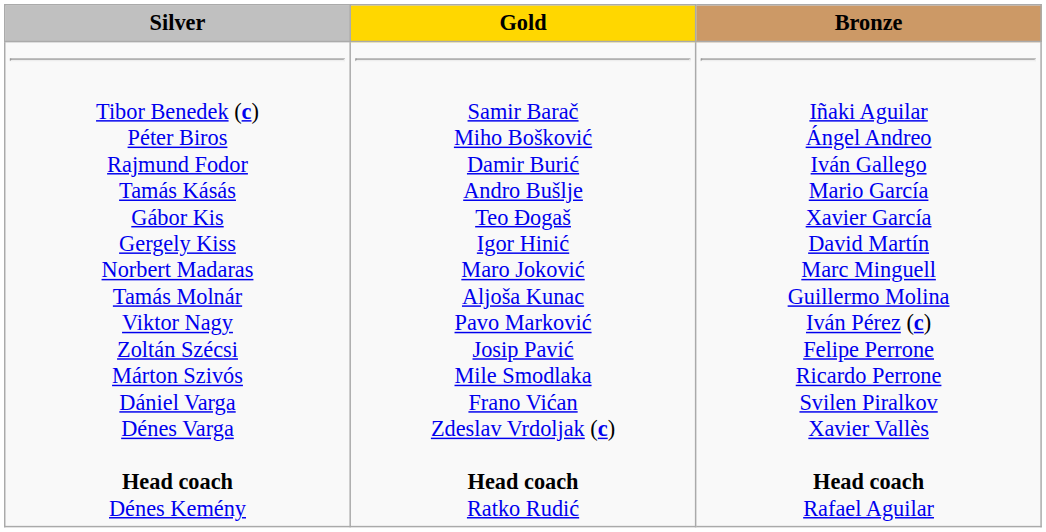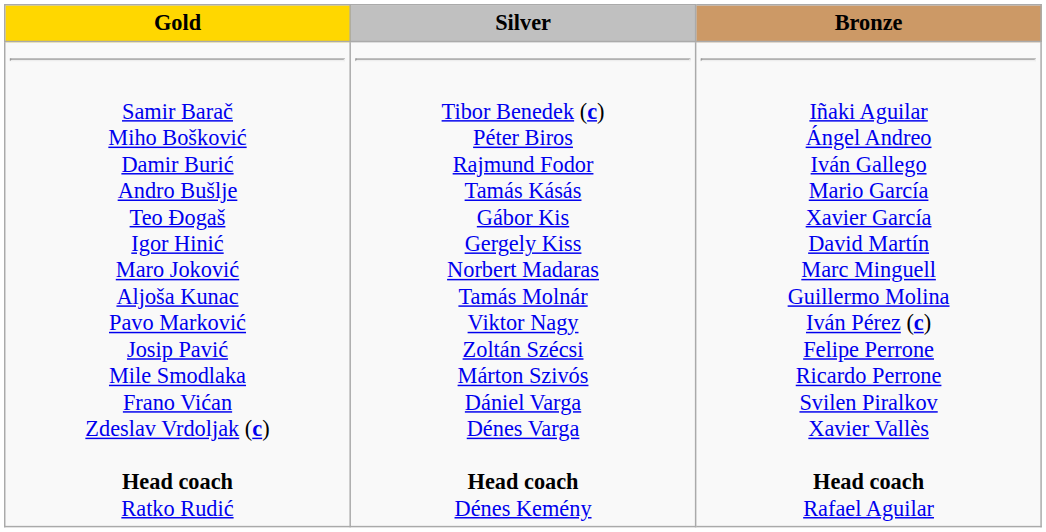 <table class="wikitable" style="font-size:95%;">
 <tr>
+<th style="text-align:center; width:15em; background-color:gold;">Gold</th>
 <th style="text-align:center; width:15em; background-color:silver;">Silver</th>
-<th style="text-align:center; width:15em; background-color:gold;">Gold</th>
 <th style="text-align:center; width:15em; background-color:#CC9966;">Bronze</th>
 </tr>
 <tr>
+<td style="text-align:center; vertical-align:top;"><strong></strong> <hr><br><a href='#'>Samir Barač</a><br> <a href='#'>Miho Bošković</a><br> <a href='#'>Damir Burić</a><br> <a href='#'>Andro Bušlje</a><br> <a href='#'>Teo Đogaš</a><br> <a href='#'>Igor Hinić</a><br> <a href='#'>Maro Joković</a><br> <a href='#'>Aljoša Kunac</a><br> <a href='#'>Pavo Marković</a><br> <a href='#'>Josip Pavić</a><br> <a href='#'>Mile Smodlaka</a><br> <a href='#'>Frano Vićan</a><br> <a href='#'>Zdeslav Vrdoljak</a> (<a href='#'><strong>c</strong></a>)<br> <br><strong>Head coach</strong><br><a href='#'>Ratko Rudić</a></td>
 <td style="text-align:center; vertical-align:top;"><strong></strong><hr><br><a href='#'>Tibor Benedek</a> (<a href='#'><strong>c</strong></a>)<br> <a href='#'>Péter Biros</a><br> <a href='#'>Rajmund Fodor</a><br> <a href='#'>Tamás Kásás</a><br> <a href='#'>Gábor Kis</a><br> <a href='#'>Gergely Kiss</a><br> <a href='#'>Norbert Madaras</a><br> <a href='#'>Tamás Molnár</a><br> <a href='#'>Viktor Nagy</a><br> <a href='#'>Zoltán Szécsi</a><br> <a href='#'>Márton Szivós</a><br> <a href='#'>Dániel Varga</a><br> <a href='#'>Dénes Varga</a><br><br><strong>Head coach</strong><br><a href='#'>Dénes Kemény</a></td>
-<td style="text-align:center; vertical-align:top;"><strong></strong> <hr><br><a href='#'>Samir Barač</a><br> <a href='#'>Miho Bošković</a><br> <a href='#'>Damir Burić</a><br> <a href='#'>Andro Bušlje</a><br> <a href='#'>Teo Đogaš</a><br> <a href='#'>Igor Hinić</a><br> <a href='#'>Maro Joković</a><br> <a href='#'>Aljoša Kunac</a><br> <a href='#'>Pavo Marković</a><br> <a href='#'>Josip Pavić</a><br> <a href='#'>Mile Smodlaka</a><br> <a href='#'>Frano Vićan</a><br> <a href='#'>Zdeslav Vrdoljak</a> (<a href='#'><strong>c</strong></a>)<br> <br><strong>Head coach</strong><br><a href='#'>Ratko Rudić</a></td>
 <td style="text-align:center; vertical-align:top;"><strong></strong><hr><br><a href='#'>Iñaki Aguilar</a><br> <a href='#'>Ángel Andreo</a><br> <a href='#'>Iván Gallego</a><br> <a href='#'>Mario García</a><br> <a href='#'>Xavier García</a><br> <a href='#'>David Martín</a><br> <a href='#'>Marc Minguell</a><br> <a href='#'>Guillermo Molina</a><br> <a href='#'>Iván Pérez</a> (<a href='#'><strong>c</strong></a>)<br> <a href='#'>Felipe Perrone</a><br> <a href='#'>Ricardo Perrone</a><br> <a href='#'>Svilen Piralkov</a><br> <a href='#'>Xavier Vallès</a><br><br><strong>Head coach</strong><br><a href='#'>Rafael Aguilar</a></td>
 </tr>
 </table>
